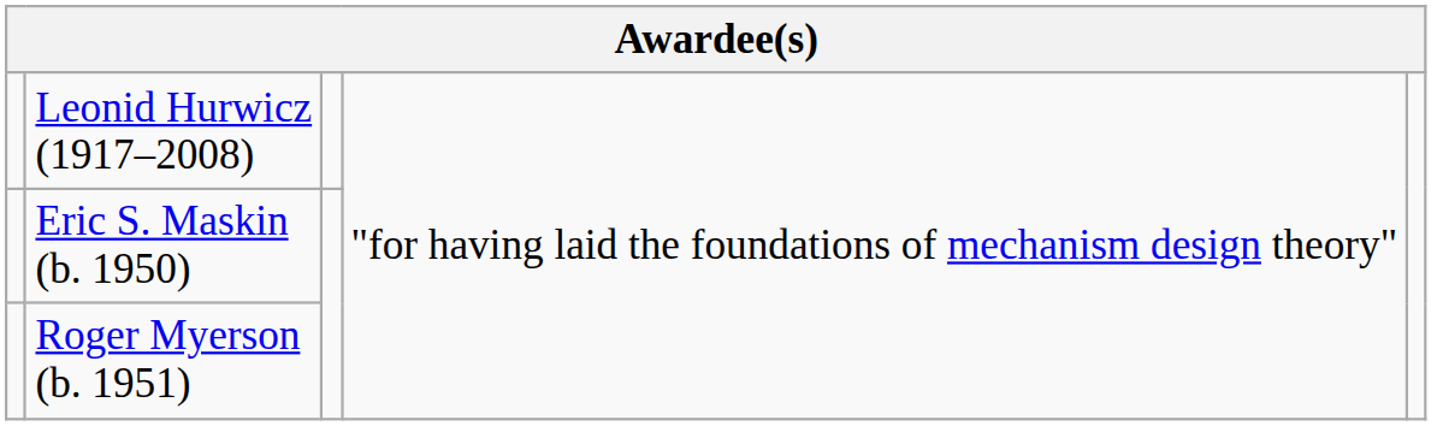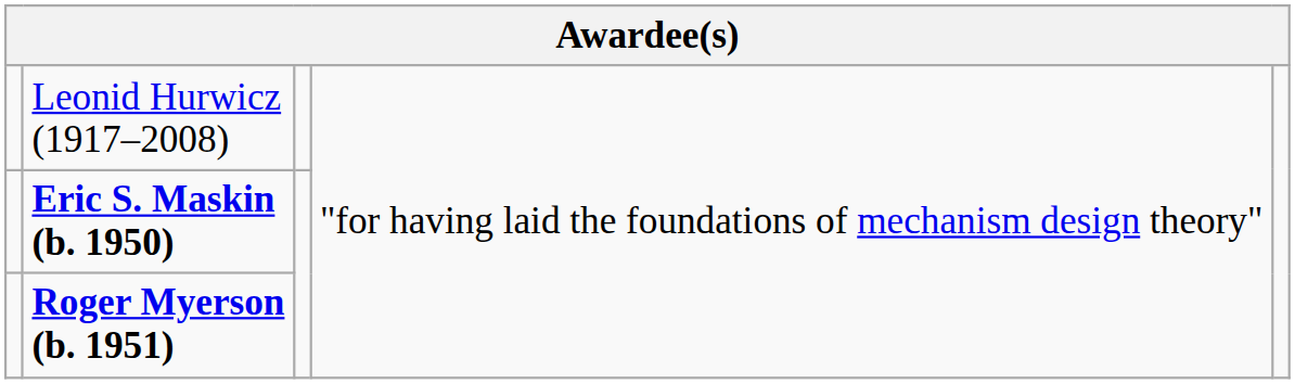 <table class="wikitable">
 <tr>
 <th colspan="5">Awardee(s)</th>
 </tr>
 <tr>
 <td></td>
 <td><a href='#'>Leonid Hurwicz</a><br>(1917–2008)</td>
 <td><br></td>
 <td rowspan="3">"for having laid the foundations of <a href='#'>mechanism design</a> theory"</td>
 <td rowspan="3"></td>
 </tr>
 <tr>
 <td></td>
-<td><a href='#'>Eric S. Maskin</a><br>(b. 1950)</td>
+<td><strong><a href='#'>Eric S. Maskin</a><br>(b. 1950)</strong></td>
 <td rowspan="2"></td>
 </tr>
 <tr>
 <td></td>
-<td><a href='#'>Roger Myerson</a><br>(b. 1951)</td>
+<td><strong><a href='#'>Roger Myerson</a><br>(b. 1951)</strong></td>
 </tr>
 </table>
